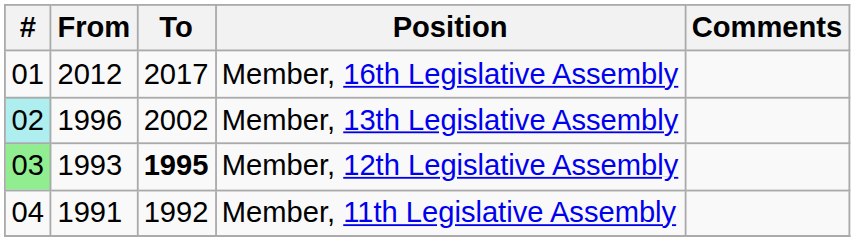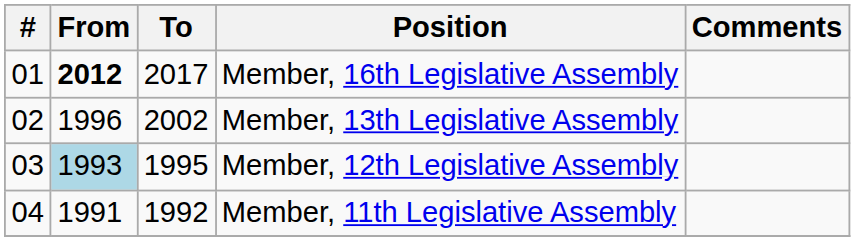 <table class="wikitable sortable">
 <tr>
 <th>#</th>
 <th>From</th>
 <th>To</th>
 <th>Position</th>
 <th>Comments</th>
 </tr>
 <tr>
 <td>01</td>
-<td>2012</td>
+<td><strong>2012</strong></td>
 <td>2017</td>
 <td>Member, <a href='#'>16th Legislative Assembly</a></td>
 <td></td>
 </tr>
 <tr>
-<td style="background: paleturquoise;">02</td>
+<td>02</td>
 <td>1996</td>
 <td>2002</td>
 <td>Member, <a href='#'>13th Legislative Assembly</a></td>
 <td></td>
 </tr>
 <tr>
-<td style="background: lightgreen;">03</td>
-<td>1993</td>
-<td><strong>1995</strong></td>
+<td>03</td>
+<td style="background: lightblue;">1993</td>
+<td>1995</td>
 <td>Member, <a href='#'>12th Legislative Assembly</a></td>
 <td></td>
 </tr>
 <tr>
 <td>04</td>
 <td>1991</td>
 <td>1992</td>
 <td>Member, <a href='#'>11th Legislative Assembly</a></td>
 <td></td>
 </tr>
 <tr>
 </tr>
 </table>
